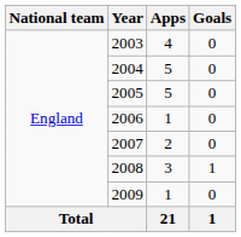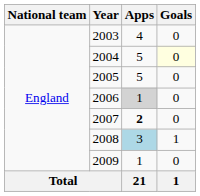 <table class=wikitable style="text-align: center;">
 <tr>
 <th>National team</th>
 <th>Year</th>
 <th>Apps</th>
 <th>Goals</th>
 </tr>
 <tr>
 <td rowspan=7><a href='#'>England</a></td>
 <td>2003</td>
 <td>4</td>
 <td>0</td>
 </tr>
 <tr>
 <td>2004</td>
 <td>5</td>
-<td>0</td>
+<td style="background: lightyellow;">0</td>
 </tr>
 <tr>
 <td>2005</td>
 <td>5</td>
 <td>0</td>
 </tr>
 <tr>
 <td>2006</td>
-<td>1</td>
+<td style="background: lightgrey;">1</td>
 <td>0</td>
 </tr>
 <tr>
 <td>2007</td>
-<td>2</td>
+<td><strong>2</strong></td>
 <td>0</td>
 </tr>
 <tr>
 <td>2008</td>
-<td>3</td>
+<td style="background: lightblue;">3</td>
 <td>1</td>
 </tr>
 <tr>
 <td>2009</td>
 <td>1</td>
 <td>0</td>
 </tr>
 <tr>
 <th colspan=2>Total</th>
 <th>21</th>
 <th>1</th>
 </tr>
 </table>
